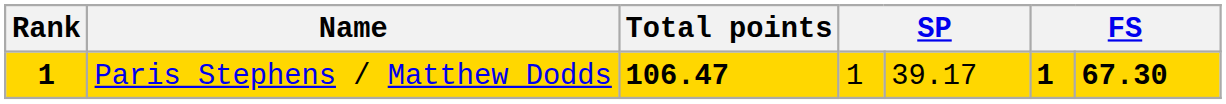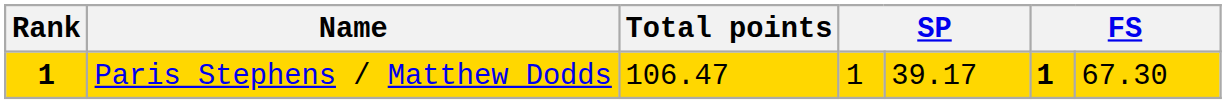 <table class="wikitable sortable">
 <tr>
 <th>Rank</th>
 <th>Name</th>
 <th>Total points</th>
 <th colspan="2" width="80px"><a href='#'>SP</a></th>
 <th colspan="2" width="80px"><a href='#'>FS</a></th>
 </tr>
 <tr bgcolor="gold">
 <td align="center"><strong>1</strong></td>
 <td><a href='#'>Paris Stephens</a> / <a href='#'>Matthew Dodds</a></td>
-<td><strong>106.47</strong></td>
+<td>106.47</td>
 <td>1</td>
 <td>39.17</td>
 <td><strong>1</strong></td>
-<td><strong>67.30</strong></td>
+<td>67.30</td>
 </tr>
 </table>
